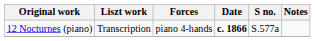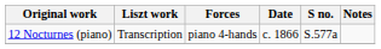 <table class="wikitable">
 <tr>
 <th>Original work</th>
 <th>Liszt work</th>
 <th>Forces</th>
 <th>Date</th>
 <th>S no.</th>
 <th>Notes</th>
 </tr>
 <tr>
 <td><a href='#'>12 Nocturnes</a> (piano)</td>
 <td>Transcription</td>
 <td style="text-align: center">piano 4-hands</td>
-<td><strong>c. 1866</strong></td>
+<td>c. 1866</td>
 <td>S.577a</td>
 <td></td>
 </tr>
 <tr>
 </tr>
 </table>
